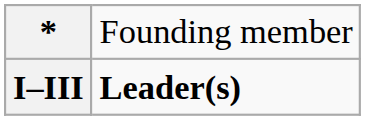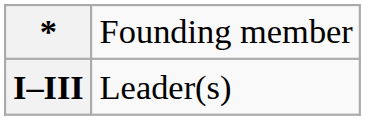 <table class="wikitable">
 <tr>
 <th>*</th>
 <td>Founding member</td>
 </tr>
 <tr>
 <th><strong>I–III</strong></th>
-<td><strong>Leader(s)</strong></td>
+<td>Leader(s)</td>
 </tr>
 </table>
